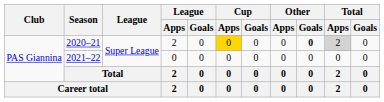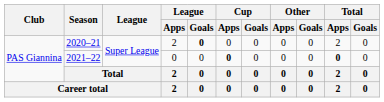 <table class="wikitable" style="text-align:center">
 <tr>
 <th rowspan="2">Club</th>
 <th rowspan="2">Season</th>
 <th rowspan="2">League</th>
 <th colspan="2">League</th>
 <th colspan="2">Cup</th>
 <th colspan="2">Other</th>
 <th colspan="2">Total</th>
 </tr>
 <tr>
 <th>Apps</th>
 <th>Goals</th>
 <th>Apps</th>
 <th>Goals</th>
 <th>Apps</th>
 <th>Goals</th>
 <th>Apps</th>
 <th>Goals</th>
 </tr>
 <tr>
 <td rowspan="3"><a href='#'>PAS Giannina</a></td>
 <td><a href='#'>2020–21</a></td>
 <td rowspan="2"><a href='#'>Super League</a></td>
 <td>2</td>
-<td>0</td>
-<td style="background: gold;">0</td>
+<td><strong>0</strong></td>
 <td>0</td>
 <td>0</td>
-<td><strong>0</strong></td>
-<td style="background: lightgrey;">2</td>
+<td>0</td>
+<td>0</td>
+<td>2</td>
 <td>0</td>
 </tr>
 <tr>
 <td><a href='#'>2021–22</a></td>
 <td>0</td>
 <td>0</td>
+<td><strong>0</strong></td>
 <td>0</td>
 <td>0</td>
 <td>0</td>
-<td>0</td>
-<td>0</td>
+<td><strong>0</strong></td>
 <td>0</td>
 </tr>
 <tr>
 <th colspan="2">Total</th>
 <th>2</th>
 <th>0</th>
 <th>0</th>
 <th>0</th>
 <th>0</th>
 <th>0</th>
 <th>2</th>
 <th>0</th>
 </tr>
 <tr>
 <th colspan="3">Career total</th>
 <th>2</th>
 <th>0</th>
 <th>0</th>
 <th>0</th>
 <th>0</th>
 <th>0</th>
 <th>2</th>
 <th>0</th>
 </tr>
 </table>
